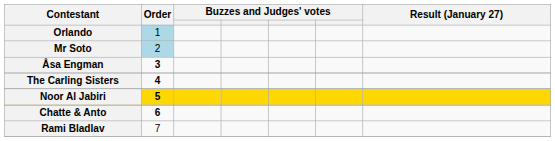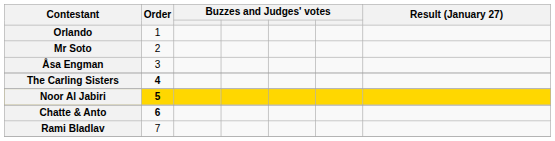 <table class="wikitable plainrowheaders sortable" style="text-align:center;">
 <tr>
 <th scope="col" rowspan="2" class="unsortable" style="width:17em;">Contestant</th>
 <th scope="col" rowspan="2" style="width:1em;">Order</th>
 <th scope="col" colspan="4" class="unsortable" style="width:24em;">Buzzes and Judges' votes</th>
 <th scope="col" rowspan="2" style="width:25em;">Result (January 27)</th>
 </tr>
 <tr>
 <th scope="col" class="unsortable" style="width:6em;"></th>
 <th scope="col" class="unsortable" style="width:6em;"></th>
 <th scope="col" class="unsortable" style="width:6em;"></th>
 <th scope="col" class="unsortable" style="width:6em;"></th>
 </tr>
 <tr>
 <th scope="row">Orlando</th>
-<td style="background: lightblue;">1</td>
+<td>1</td>
 <td style="text-align:center;"></td>
 <td style="text-align:center;"></td>
 <td style="text-align:center;"></td>
 <td style="text-align:center;"></td>
 <td></td>
 </tr>
 <tr>
 <th scope="row">Mr Soto</th>
-<td style="background: lightblue;">2</td>
+<td>2</td>
 <td style="text-align:center;"></td>
 <td style="text-align:center;"></td>
 <td style="text-align:center;"></td>
 <td style="text-align:center;"></td>
 <td></td>
 </tr>
 <tr>
 <th scope="row">Åsa Engman</th>
-<td><strong>3</strong></td>
+<td>3</td>
 <td style="text-align:center;"></td>
 <td style="text-align:center;"><br></td>
 <td style="text-align:center;"></td>
 <td style="text-align:center;"></td>
 <td></td>
 </tr>
 <tr>
 </tr>
 <tr -style="background:NavajoWhite">
 <th scope="row"><strong>The Carling Sisters</strong></th>
 <td><strong>4</strong></td>
 <td style="text-align:center;"></td>
 <td style="text-align:center;"></td>
 <td style="text-align:center;"></td>
 <td style="text-align:center;"></td>
 <td><strong></strong></td>
 </tr>
 <tr>
 </tr>
 <tr style="background:gold">
 <th scope="row"><strong>Noor Al Jabiri</strong></th>
 <td><strong>5</strong></td>
 <td style="text-align:center;"></td>
 <td style="text-align:center;"></td>
 <td></td>
 <td style="text-align:center;"></td>
 <td><strong></strong></td>
 </tr>
 <tr>
 </tr>
 <tr -style="background:NavajoWhite">
 <th scope="row"><strong>Chatte & Anto</strong></th>
 <td><strong>6</strong></td>
 <td style="text-align:center;"></td>
 <td style="text-align:center;"></td>
 <td style="text-align:center;"></td>
 <td style="text-align:center;"></td>
 <td><strong></strong></td>
 </tr>
 <tr>
 <th scope="row">Rami Bladlav</th>
 <td>7</td>
 <td style="text-align:center;"></td>
 <td style="text-align:center;"></td>
 <td style="text-align:center;"></td>
 <td style="text-align:center;"></td>
 <td></td>
 </tr>
 <tr>
 </tr>
 </table>
